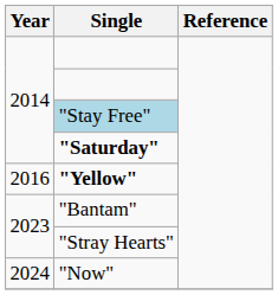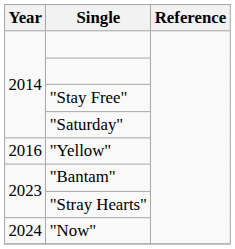 <table class="wikitable plainrowheaders" style="text-align:center;">
 <tr>
 <th scope="col">Year</th>
 <th scope="col">Single</th>
 <th scope="col">Reference</th>
 </tr>
 <tr>
 <td rowspan="4">2014</td>
 <td style="text-align:left;"><br></td>
 <td rowspan="8"></td>
 </tr>
 <tr>
 <td style="text-align:left;"><br></td>
 </tr>
 <tr>
-<td style="background: lightblue; text-align:left;">"Stay Free"<br></td>
+<td style="text-align:left;">"Stay Free"<br></td>
 </tr>
 <tr>
-<td style="text-align:left;"><strong>"Saturday"<br></strong></td>
+<td style="text-align:left;">"Saturday"<br></td>
 </tr>
 <tr>
 <td>2016</td>
-<td style="text-align:left;"><strong>"Yellow"<br></strong></td>
+<td style="text-align:left;">"Yellow"<br></td>
 </tr>
 <tr>
 <td rowspan="2">2023</td>
 <td style="text-align:left;">"Bantam"<br></td>
 </tr>
 <tr>
 <td style="text-align:left;">"Stray Hearts"<br></td>
 </tr>
 <tr>
 <td>2024</td>
 <td style="text-align:left;">"Now"<br></td>
 </tr>
 <tr>
 </tr>
 </table>
